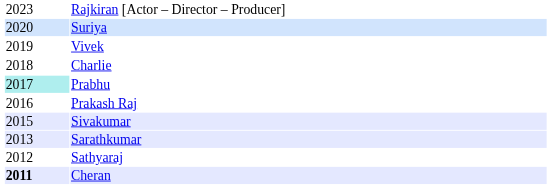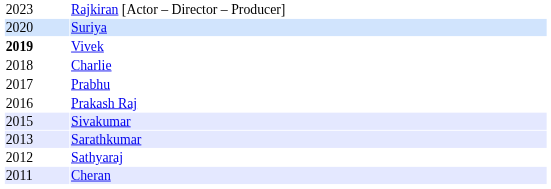 <table cellspacing="1" cellpadding="1" border="0" width="50%">
 <tr>
 <td>2023</td>
 <td><a href='#'>Rajkiran</a> [Actor – Director – Producer]</td>
 </tr>
 <tr bgcolor="#d1e4fd">
 <td>2020</td>
 <td><a href='#'>Suriya</a></td>
 </tr>
 <tr bgcolor="#e4e8ff">
 </tr>
 <tr>
-<td>2019</td>
+<td><strong>2019</strong></td>
 <td><a href='#'>Vivek</a></td>
 </tr>
 <tr bgcolor="#e4e8ff">
 </tr>
 <tr>
 <td>2018</td>
 <td><a href='#'>Charlie</a></td>
 </tr>
 <tr bgcolor="#e4e8ff">
 </tr>
 <tr>
-<td style="background: paleturquoise;">2017</td>
+<td>2017</td>
 <td><a href='#'>Prabhu</a></td>
 </tr>
 <tr bgcolor="#e4e8ff">
 </tr>
 <tr>
 <td>2016</td>
 <td><a href='#'>Prakash Raj</a></td>
 </tr>
 <tr bgcolor="#e4e8ff">
 <td>2015</td>
 <td><a href='#'>Sivakumar</a></td>
 </tr>
 <tr bgcolor="#e4e8ff">
 <td>2013</td>
 <td><a href='#'>Sarathkumar</a></td>
 </tr>
 <tr>
 <td>2012</td>
 <td><a href='#'>Sathyaraj</a></td>
 </tr>
 <tr bgcolor="#e4e8ff">
-<td><strong>2011</strong></td>
+<td>2011</td>
 <td><a href='#'>Cheran</a></td>
 </tr>
 </table>
